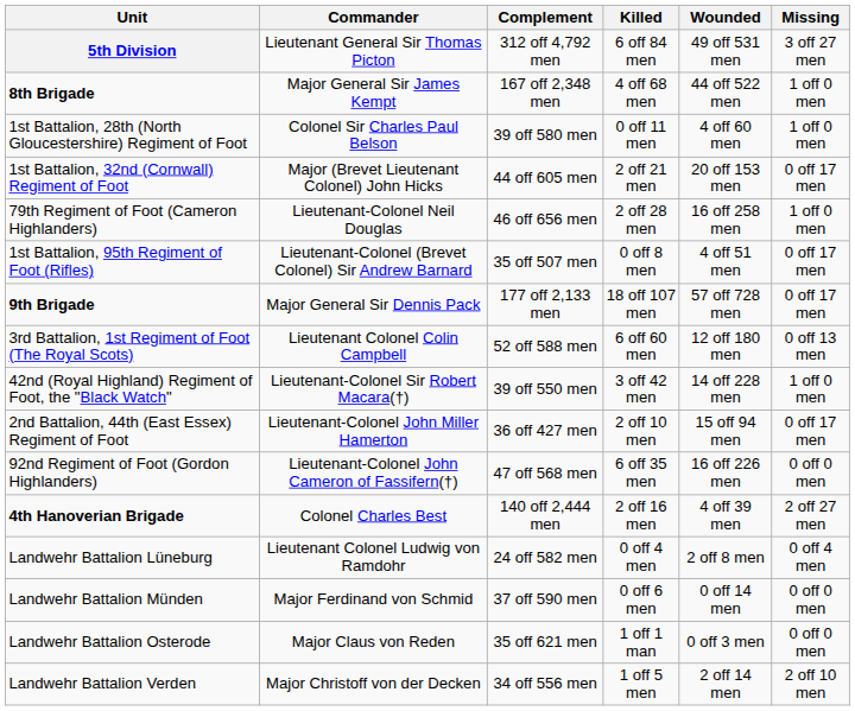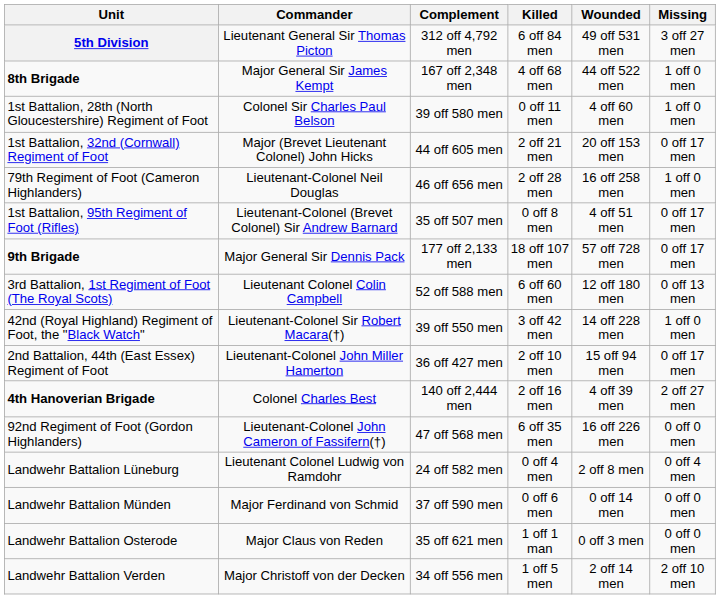 <table class="wikitable">
 <tr>
 <th>Unit</th>
 <th>Commander</th>
 <th>Complement</th>
 <th>Killed</th>
 <th>Wounded</th>
 <th>Missing</th>
 </tr>
 <tr>
 <th colspan="1" bgcolor="#f9f9f9;"><a href='#'>5th Division</a></th>
 <td align="center">Lieutenant General Sir <a href='#'>Thomas Picton</a></td>
 <td align="center">312 off 4,792 men</td>
 <td align="center">6 off 84 men</td>
 <td align="center">49 off 531 men</td>
 <td align="center">3 off 27 men</td>
 </tr>
 <tr>
 <td><strong>8th Brigade</strong></td>
 <td align="center">Major General Sir <a href='#'>James Kempt</a></td>
 <td align="center">167 off 2,348 men</td>
 <td align="center">4 off 68 men</td>
 <td align="center">44 off 522 men</td>
 <td align="center">1 off 0 men</td>
 </tr>
 <tr>
 <td>1st Battalion, 28th (North Gloucestershire) Regiment of Foot</td>
 <td align="center">Colonel Sir <a href='#'>Charles Paul Belson</a> </td>
 <td align="center">39 off 580 men</td>
 <td align="center">0 off 11 men</td>
 <td align="center">4 off 60 men</td>
 <td align="center">1 off 0 men</td>
 </tr>
 <tr>
 <td>1st Battalion, <a href='#'>32nd (Cornwall) Regiment of Foot</a></td>
 <td align="center">Major (Brevet Lieutenant Colonel) John Hicks</td>
 <td align="center">44 off 605 men</td>
 <td align="center">2 off 21 men</td>
 <td align="center">20 off 153 men</td>
 <td align="center">0 off 17 men</td>
 </tr>
 <tr>
 <td>79th Regiment of Foot (Cameron Highlanders)</td>
 <td align="center">Lieutenant-Colonel Neil Douglas</td>
 <td align="center">46 off 656 men</td>
 <td align="center">2 off 28 men</td>
 <td align="center">16 off 258 men</td>
 <td align="center">1 off 0 men</td>
 </tr>
 <tr>
 <td>1st Battalion, <a href='#'>95th Regiment of Foot (Rifles)</a></td>
 <td align="center">Lieutenant-Colonel (Brevet Colonel) Sir <a href='#'>Andrew Barnard</a></td>
 <td align="center">35 off 507 men</td>
 <td align="center">0 off 8 men</td>
 <td align="center">4 off 51 men</td>
 <td align="center">0 off 17 men</td>
 </tr>
 <tr>
 <td><strong>9th Brigade</strong></td>
 <td align="center">Major General Sir <a href='#'>Dennis Pack</a></td>
 <td align="center">177 off 2,133 men</td>
 <td align="center">18 off 107 men</td>
 <td align="center">57 off 728 men</td>
 <td align="center">0 off 17 men</td>
 </tr>
 <tr>
 <td>3rd Battalion, <a href='#'>1st Regiment of Foot (The Royal Scots)</a></td>
 <td align="center">Lieutenant Colonel <a href='#'>Colin Campbell</a></td>
 <td align="center">52 off 588 men</td>
 <td align="center">6 off 60 men</td>
 <td align="center">12 off 180 men</td>
 <td align="center">0 off 13 men</td>
 </tr>
 <tr>
 <td>42nd (Royal Highland) Regiment of Foot, the "<a href='#'>Black Watch</a>"</td>
 <td align="center">Lieutenant-Colonel Sir <a href='#'>Robert Macara</a>(†) </td>
 <td align="center">39 off 550 men</td>
 <td align="center">3 off 42 men</td>
 <td align="center">14 off 228 men</td>
 <td align="center">1 off 0 men</td>
 </tr>
 <tr>
 <td>2nd Battalion, 44th (East Essex) Regiment of Foot</td>
 <td align="center">Lieutenant-Colonel <a href='#'>John Miller Hamerton</a></td>
 <td align="center">36 off 427 men</td>
 <td align="center">2 off 10 men</td>
 <td align="center">15 off 94 men</td>
 <td align="center">0 off 17 men</td>
 </tr>
 <tr>
+<td><strong>4th Hanoverian Brigade</strong></td>
+<td align="center">Colonel <a href='#'>Charles Best</a></td>
+<td align="center">140 off 2,444 men</td>
+<td align="center">2 off 16 men</td>
+<td align="center">4 off 39 men</td>
+<td align="center">2 off 27 men</td>
+</tr>
+<tr>
 <td>92nd Regiment of Foot (Gordon Highlanders)</td>
 <td align="center">Lieutenant-Colonel <a href='#'>John Cameron of Fassifern</a>(†)</td>
 <td align="center">47 off 568 men</td>
 <td align="center">6 off 35 men</td>
 <td align="center">16 off 226 men</td>
 <td align="center">0 off 0 men</td>
-</tr>
-<tr>
-<td><strong>4th Hanoverian Brigade</strong></td>
-<td align="center">Colonel <a href='#'>Charles Best</a></td>
-<td align="center">140 off 2,444 men</td>
-<td align="center">2 off 16 men</td>
-<td align="center">4 off 39 men</td>
-<td align="center">2 off 27 men</td>
 </tr>
 <tr>
 <td>Landwehr Battalion Lüneburg</td>
 <td align="center">Lieutenant Colonel Ludwig von Ramdohr</td>
 <td align="center">24 off 582 men</td>
 <td align="center">0 off 4 men</td>
 <td align="center">2 off 8 men</td>
 <td align="center">0 off 4 men</td>
 </tr>
 <tr>
 <td>Landwehr Battalion Münden</td>
 <td align="center">Major Ferdinand von Schmid</td>
 <td align="center">37 off 590 men</td>
 <td align="center">0 off 6 men</td>
 <td align="center">0 off 14 men</td>
 <td align="center">0 off 0 men</td>
 </tr>
 <tr>
 <td>Landwehr Battalion Osterode</td>
 <td align="center">Major Claus von Reden</td>
 <td align="center">35 off 621 men</td>
 <td align="center">1 off 1 man</td>
 <td align="center">0 off 3 men</td>
 <td align="center">0 off 0 men</td>
 </tr>
 <tr>
 <td>Landwehr Battalion Verden</td>
 <td align="center">Major Christoff von der Decken</td>
 <td align="center">34 off 556 men</td>
 <td align="center">1 off 5 men</td>
 <td align="center">2 off 14 men</td>
 <td align="center">2 off 10 men</td>
 </tr>
 </table>
